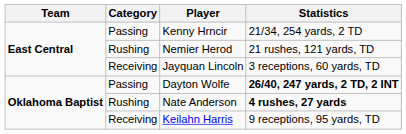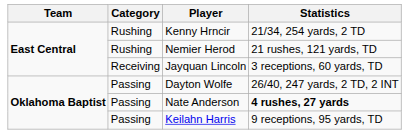 <table class="wikitable" style="float: right;">
 <tr>
 <th>Team</th>
 <th>Category</th>
 <th>Player</th>
 <th>Statistics</th>
 </tr>
 <tr>
 <td rowspan=3><strong>East Central</strong></td>
-<td>Passing</td>
+<td>Rushing</td>
 <td>Kenny Hrncir</td>
 <td>21/34, 254 yards, 2 TD</td>
 </tr>
 <tr>
 <td>Rushing</td>
 <td>Nemier Herod</td>
 <td>21 rushes, 121 yards, TD</td>
 </tr>
 <tr>
 <td>Receiving</td>
 <td>Jayquan Lincoln</td>
 <td>3 receptions, 60 yards, TD</td>
 </tr>
 <tr>
 <td rowspan=3><strong>Oklahoma Baptist</strong></td>
 <td>Passing</td>
 <td>Dayton Wolfe</td>
-<td><strong>26/40, 247 yards, 2 TD, 2 INT</strong></td>
+<td>26/40, 247 yards, 2 TD, 2 INT</td>
 </tr>
 <tr>
-<td>Rushing</td>
+<td>Passing</td>
 <td>Nate Anderson</td>
 <td><strong>4 rushes, 27 yards</strong></td>
 </tr>
 <tr>
-<td>Receiving</td>
+<td>Passing</td>
 <td><a href='#'>Keilahn Harris</a></td>
 <td>9 receptions, 95 yards, TD</td>
 </tr>
 </table>
